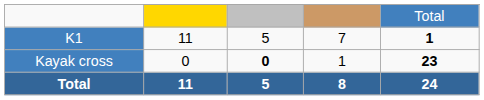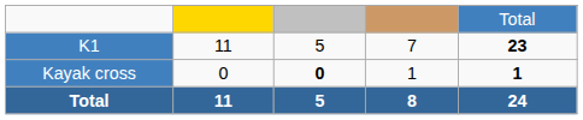 <table class="wikitable"  style="font-size:95%; text-align:center; border:gray solid 1px; width:40%;">
 <tr>
 <td rowspan="2" style="width:3%;"></td>
 </tr>
 <tr>
 <td style="width:2%;" bgcolor=gold></td>
 <td style="width:2%;" bgcolor=silver></td>
 <td style="width:2%;" bgcolor=cc9966></td>
 <td style="width:2%; background-color:#4180be; color:white;">Total</td>
 </tr>
 <tr>
 <td style="background-color:#4180be; color:white;">K1</td>
 <td>11</td>
 <td>5</td>
 <td>7</td>
-<td><strong>1</strong></td>
+<td><strong>23</strong></td>
 </tr>
 <tr>
 <td style="background-color:#4180be; color:white;">Kayak cross</td>
 <td>0</td>
 <td><strong>0</strong></td>
 <td>1</td>
-<td><strong>23</strong></td>
+<td><strong>1</strong></td>
 </tr>
 <tr style="background:#369; color:white;">
 <td><strong>Total</strong></td>
 <td><strong>11</strong></td>
 <td><strong>5</strong></td>
 <td><strong>8</strong></td>
 <td><strong>24</strong></td>
 </tr>
 </table>
